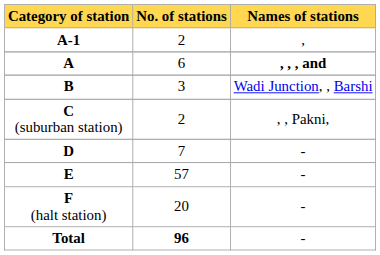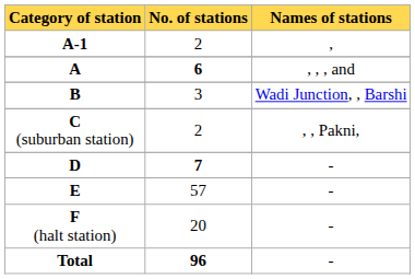 <table class="wikitable sortable" style="background:#fff;">
 <tr>
 <th style="background:#ffd750;" !>Category of station</th>
 <th style="background:#ffd750;" !>No. of stations</th>
 <th style="background:#ffd750;" !>Names of stations</th>
 </tr>
 <tr>
 <td style="text-align:center;"><strong>A-1</strong></td>
 <td style="text-align:center;">2</td>
 <td style="text-align:center;">, </td>
 </tr>
 <tr>
 </tr>
 <tr>
 <td style="text-align:center;"><strong>A</strong></td>
-<td style="text-align:center;">6</td>
-<td style="text-align:center;"><strong>, , ,  and </strong></td>
+<td style="text-align:center;"><strong>6</strong></td>
+<td style="text-align:center;">, , ,  and </td>
 </tr>
 <tr>
 </tr>
 <tr>
 <td style="text-align:center;"><strong>B</strong></td>
 <td style="text-align:center;">3</td>
 <td style="text-align:center;"><a href='#'>Wadi Junction</a>, , <a href='#'>Barshi</a></td>
 </tr>
 <tr>
 </tr>
 <tr>
 <td style="text-align:center;"><strong>C</strong><br>(suburban station)</td>
 <td style="text-align:center;">2</td>
 <td style="text-align:center;">, , Pakni, </td>
 </tr>
 <tr>
 </tr>
 <tr>
 <td style="text-align:center;"><strong>D</strong></td>
-<td style="text-align:center;">7</td>
+<td style="text-align:center;"><strong>7</strong></td>
 <td style="text-align:center;">-</td>
 </tr>
 <tr>
 </tr>
 <tr>
 <td style="text-align:center;"><strong>E</strong></td>
 <td style="text-align:center;">57</td>
 <td style="text-align:center;">-</td>
 </tr>
 <tr>
 <td style="text-align:center;"><strong>F</strong><br>(halt station)</td>
 <td style="text-align:center;">20</td>
 <td style="text-align:center;">-</td>
 </tr>
 <tr>
 <td style="text-align:center;"><strong>Total</strong></td>
 <td style="text-align:center;"><strong>96</strong></td>
 <td style="text-align:center;">-</td>
 </tr>
 </table>
